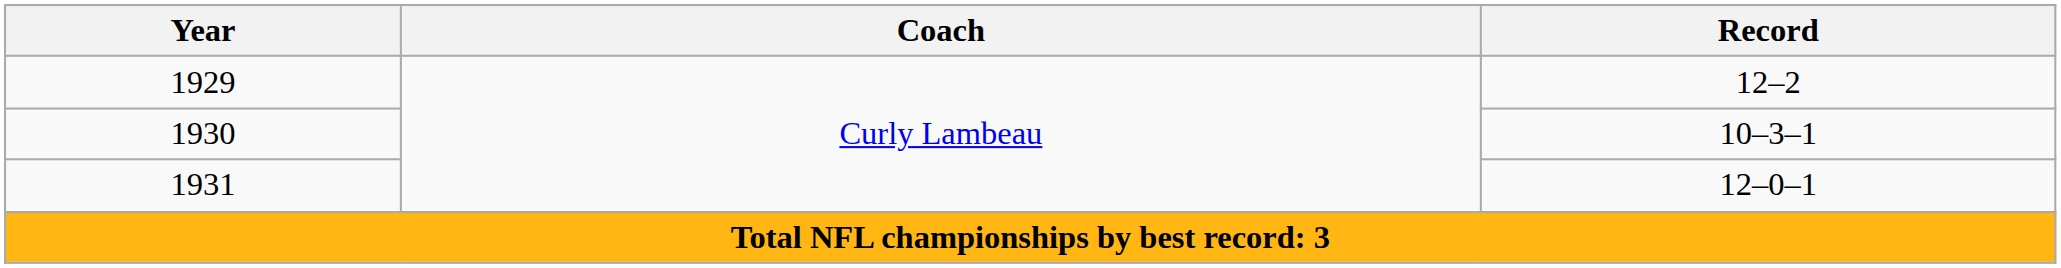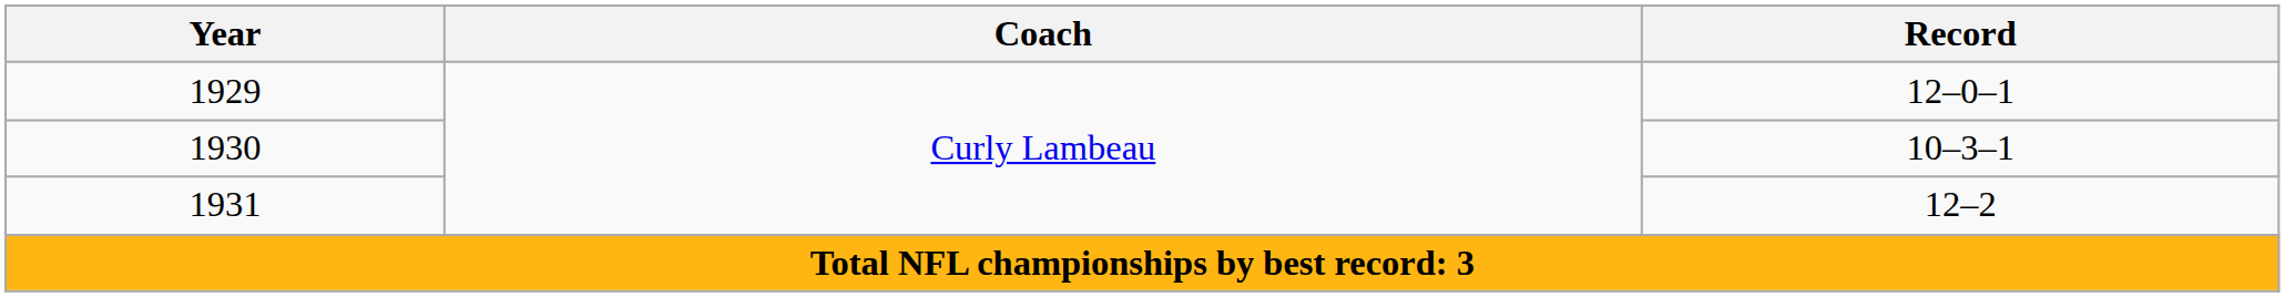 <table class="wikitable" style="width:80%;text-align:center">
 <tr>
 <th>Year</th>
 <th>Coach</th>
 <th>Record</th>
 </tr>
 <tr>
 <td>1929</td>
 <td rowspan="3"><a href='#'>Curly Lambeau</a></td>
-<td>12–2</td>
+<td>12–0–1</td>
 </tr>
 <tr>
 <td>1930</td>
 <td>10–3–1</td>
 </tr>
 <tr>
 <td>1931</td>
-<td>12–0–1</td>
+<td>12–2</td>
 </tr>
 <tr style="background:#FFB612">
 <td colspan="3"><span><strong>Total NFL championships by best record: 3</strong></span></td>
 </tr>
 </table>
